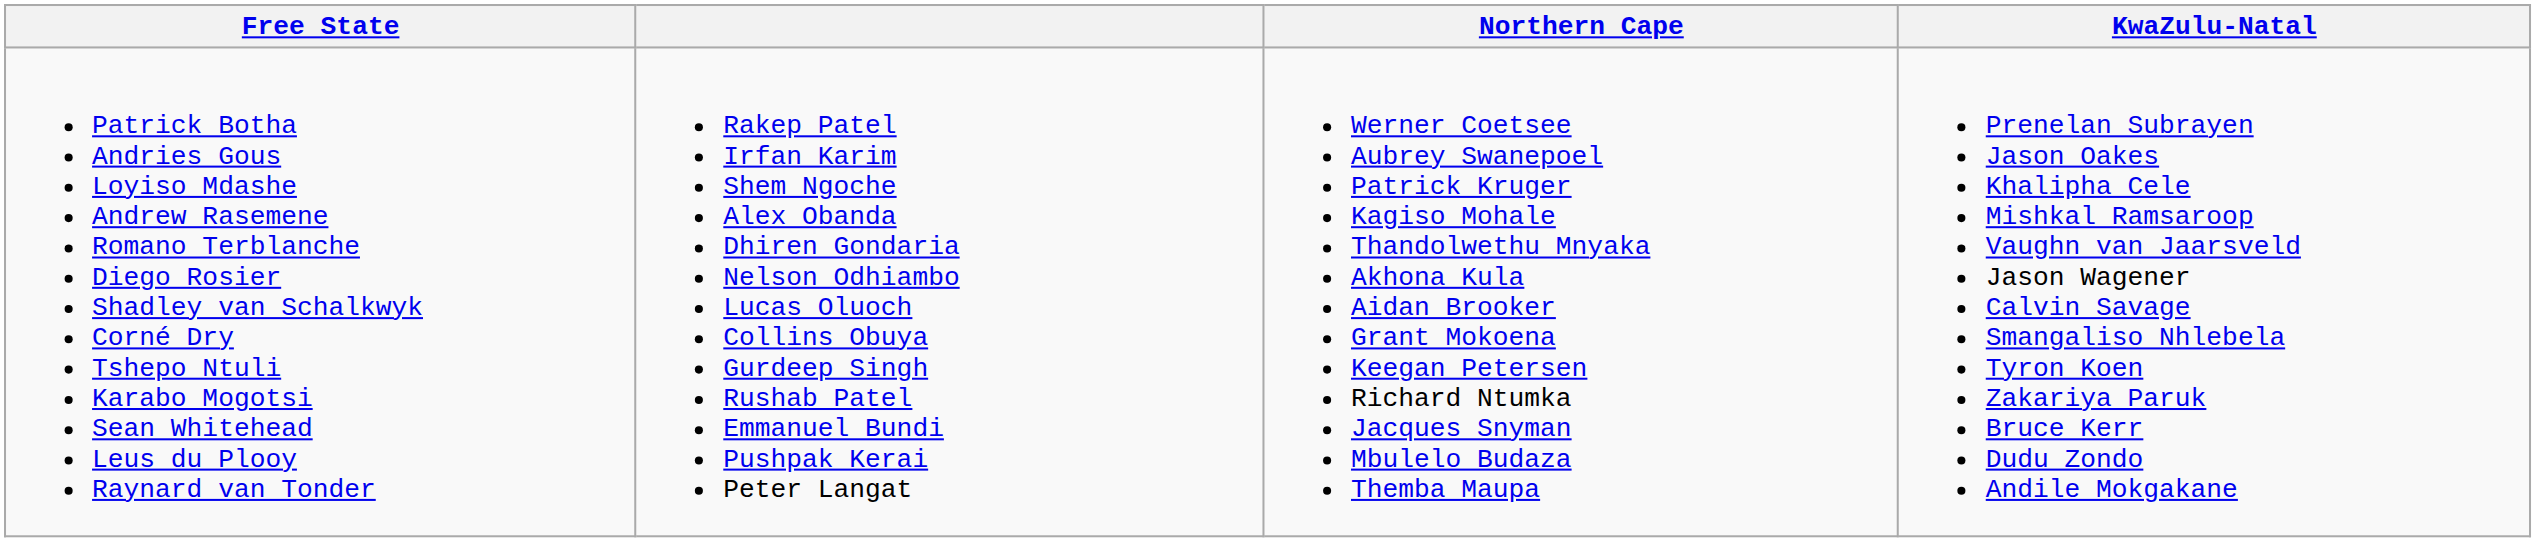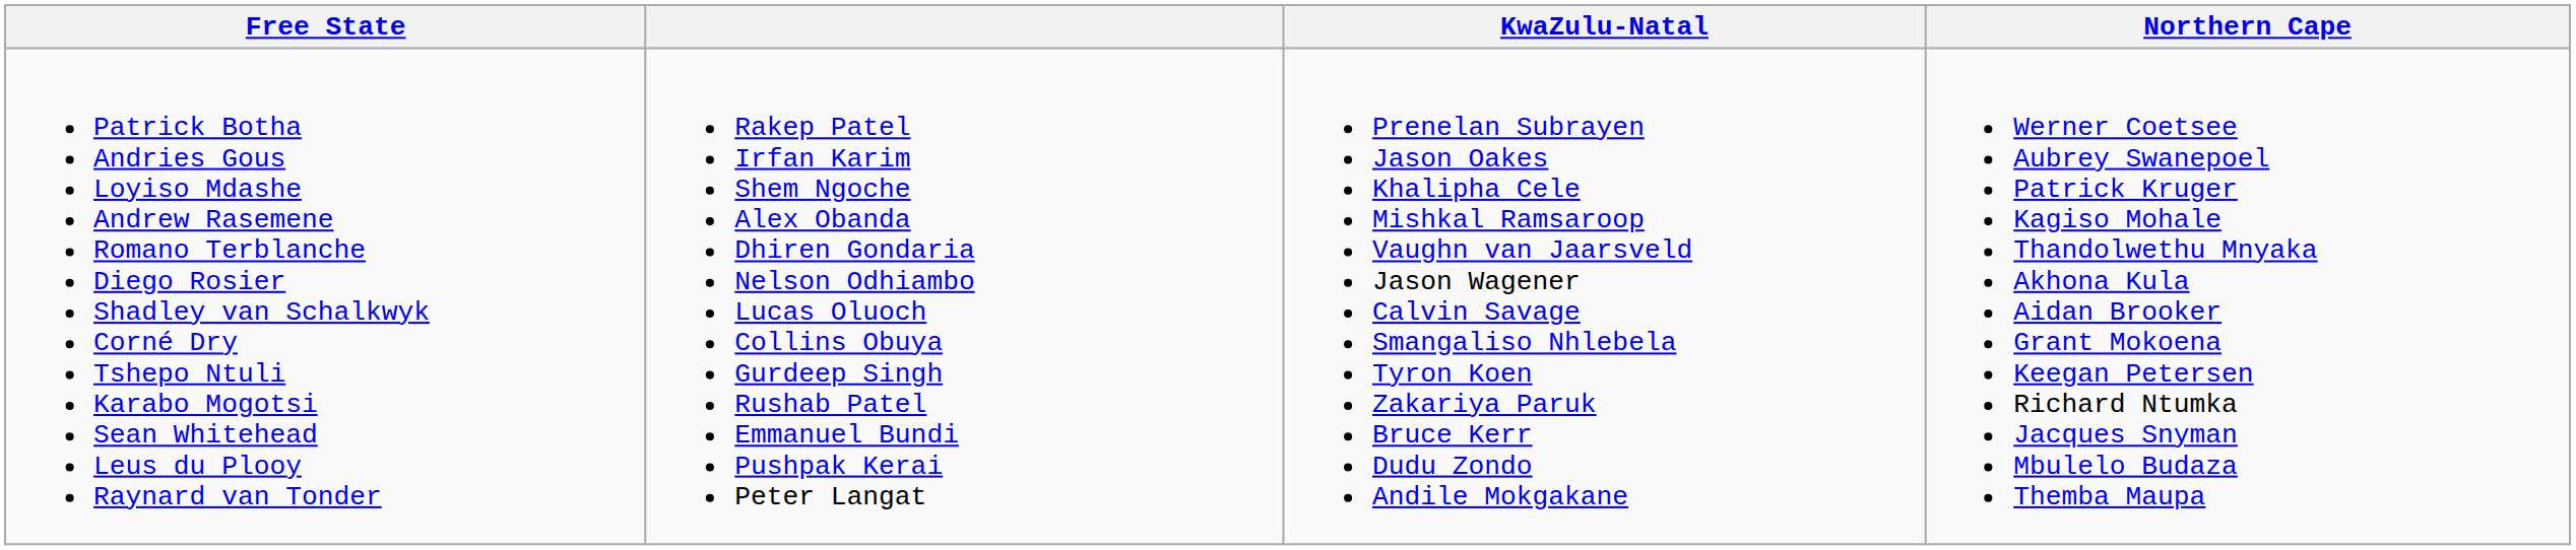 <table class="wikitable">
 <tr>
 <th width=330> <a href='#'>Free State</a></th>
 <th width=330></th>
+<th width=330> <a href='#'>KwaZulu-Natal</a></th>
 <th width=330> <a href='#'>Northern Cape</a></th>
-<th width=330> <a href='#'>KwaZulu-Natal</a></th>
 </tr>
 <tr>
 <td valign=top><br><ul><li><a href='#'>Patrick Botha</a></li><li><a href='#'>Andries Gous</a></li><li><a href='#'>Loyiso Mdashe</a></li><li><a href='#'>Andrew Rasemene</a></li><li><a href='#'>Romano Terblanche</a></li><li><a href='#'>Diego Rosier</a></li><li><a href='#'>Shadley van Schalkwyk</a></li><li><a href='#'>Corné Dry</a></li><li><a href='#'>Tshepo Ntuli</a></li><li><a href='#'>Karabo Mogotsi</a></li><li><a href='#'>Sean Whitehead</a></li><li><a href='#'>Leus du Plooy</a></li><li><a href='#'>Raynard van Tonder</a></li></ul></td>
 <td valign=top><br><ul><li><a href='#'>Rakep Patel</a></li><li><a href='#'>Irfan Karim</a></li><li><a href='#'>Shem Ngoche</a></li><li><a href='#'>Alex Obanda</a></li><li><a href='#'>Dhiren Gondaria</a></li><li><a href='#'>Nelson Odhiambo</a></li><li><a href='#'>Lucas Oluoch</a></li><li><a href='#'>Collins Obuya</a></li><li><a href='#'>Gurdeep Singh</a></li><li><a href='#'>Rushab Patel</a></li><li><a href='#'>Emmanuel Bundi</a></li><li><a href='#'>Pushpak Kerai</a></li><li>Peter Langat</li></ul></td>
+<td valign=top><br><ul><li><a href='#'>Prenelan Subrayen</a></li><li><a href='#'>Jason Oakes</a></li><li><a href='#'>Khalipha Cele</a></li><li><a href='#'>Mishkal Ramsaroop</a></li><li><a href='#'>Vaughn van Jaarsveld</a></li><li>Jason Wagener</li><li><a href='#'>Calvin Savage</a></li><li><a href='#'>Smangaliso Nhlebela</a></li><li><a href='#'>Tyron Koen</a></li><li><a href='#'>Zakariya Paruk</a></li><li><a href='#'>Bruce Kerr</a></li><li><a href='#'>Dudu Zondo</a></li><li><a href='#'>Andile Mokgakane</a></li></ul></td>
 <td valign=top><br><ul><li><a href='#'>Werner Coetsee</a></li><li><a href='#'>Aubrey Swanepoel</a></li><li><a href='#'>Patrick Kruger</a></li><li><a href='#'>Kagiso Mohale</a></li><li><a href='#'>Thandolwethu Mnyaka</a></li><li><a href='#'>Akhona Kula</a></li><li><a href='#'>Aidan Brooker</a></li><li><a href='#'>Grant Mokoena</a></li><li><a href='#'>Keegan Petersen</a></li><li>Richard Ntumka</li><li><a href='#'>Jacques Snyman</a></li><li><a href='#'>Mbulelo Budaza</a></li><li><a href='#'>Themba Maupa</a></li></ul></td>
-<td valign=top><br><ul><li><a href='#'>Prenelan Subrayen</a></li><li><a href='#'>Jason Oakes</a></li><li><a href='#'>Khalipha Cele</a></li><li><a href='#'>Mishkal Ramsaroop</a></li><li><a href='#'>Vaughn van Jaarsveld</a></li><li>Jason Wagener</li><li><a href='#'>Calvin Savage</a></li><li><a href='#'>Smangaliso Nhlebela</a></li><li><a href='#'>Tyron Koen</a></li><li><a href='#'>Zakariya Paruk</a></li><li><a href='#'>Bruce Kerr</a></li><li><a href='#'>Dudu Zondo</a></li><li><a href='#'>Andile Mokgakane</a></li></ul></td>
 </tr>
 </table>
